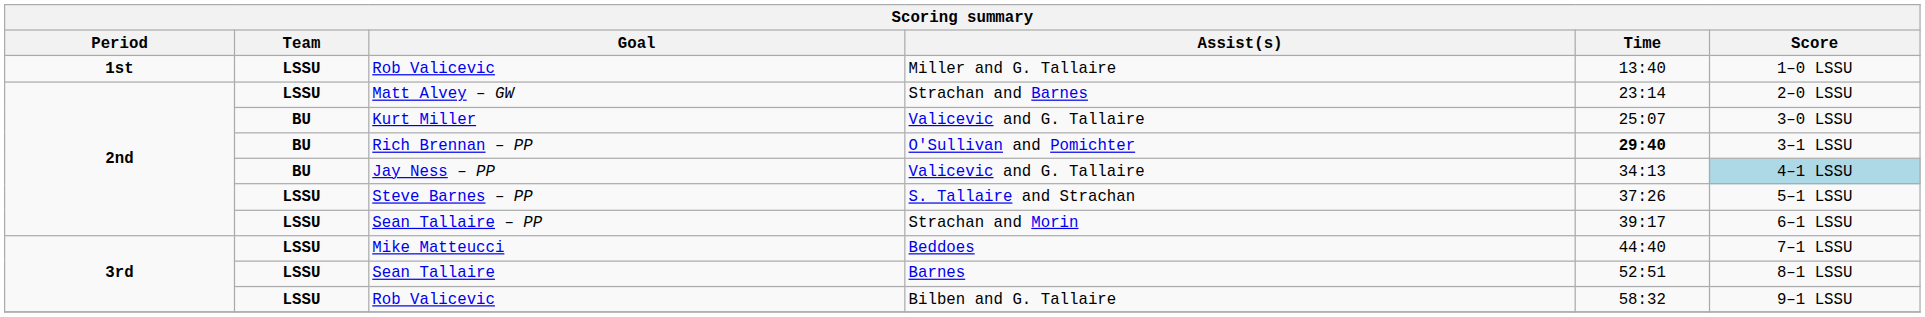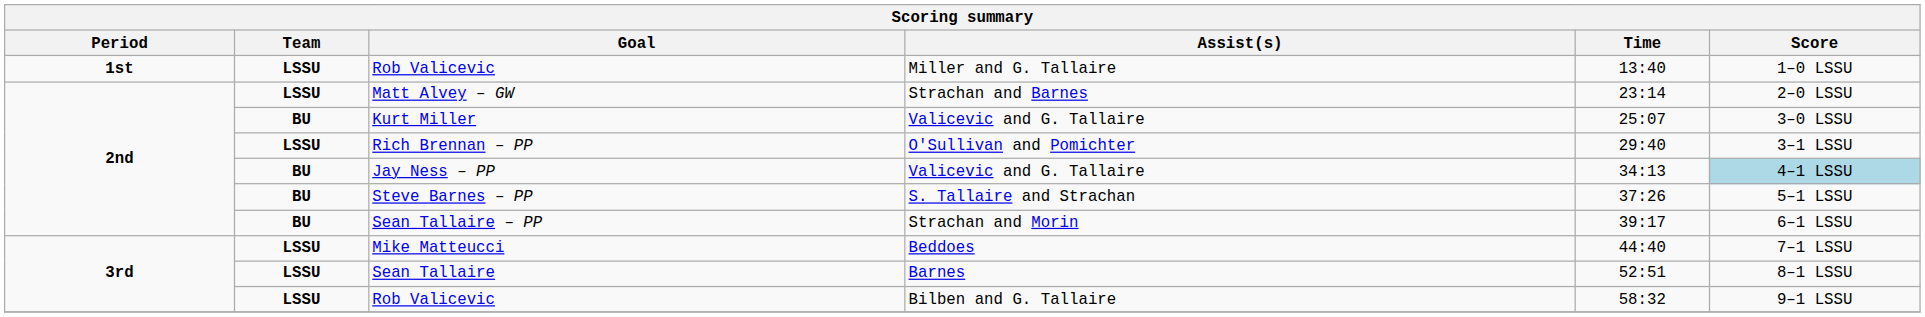 <table style="width:100%;" class="wikitable">
 <tr>
 <th colspan=6>Scoring summary</th>
 </tr>
 <tr>
 <th style="width:12%;">Period</th>
 <th style="width:7%;">Team</th>
 <th style="width:28%;">Goal</th>
 <th style="width:35%;">Assist(s)</th>
 <th style="width:7%;">Time</th>
 <th style="width:11%;">Score</th>
 </tr>
 <tr>
 <td style="text-align:center;" rowspan="1"><strong>1st</strong></td>
 <td align=center><strong>LSSU</strong></td>
 <td><a href='#'>Rob Valicevic</a></td>
 <td>Miller and G. Tallaire</td>
 <td align=center>13:40</td>
 <td align=center>1–0 LSSU</td>
 </tr>
 <tr>
 <td style="text-align:center;" rowspan="6"><strong>2nd</strong></td>
 <td align=center><strong>LSSU</strong></td>
 <td><a href='#'>Matt Alvey</a> – <em>GW</em></td>
 <td>Strachan and <a href='#'>Barnes</a></td>
 <td align=center>23:14</td>
 <td align=center>2–0 LSSU</td>
 </tr>
 <tr>
 <td align=center><strong>BU</strong></td>
 <td><a href='#'>Kurt Miller</a></td>
 <td><a href='#'>Valicevic</a> and G. Tallaire</td>
 <td align=center>25:07</td>
 <td align=center>3–0 LSSU</td>
 </tr>
 <tr>
-<td align=center><strong>BU</strong></td>
+<td align=center><strong>LSSU</strong></td>
 <td><a href='#'>Rich Brennan</a> – <em>PP</em></td>
 <td><a href='#'>O'Sullivan</a> and <a href='#'>Pomichter</a></td>
-<td align=center><strong>29:40</strong></td>
+<td align=center>29:40</td>
 <td align=center>3–1 LSSU</td>
 </tr>
 <tr>
 <td align=center><strong>BU</strong></td>
 <td><a href='#'>Jay Ness</a> – <em>PP</em></td>
 <td><a href='#'>Valicevic</a> and G. Tallaire</td>
 <td align=center>34:13</td>
 <td align=center style="background: lightblue;">4–1 LSSU</td>
 </tr>
 <tr>
-<td align=center><strong>LSSU</strong></td>
+<td align=center><strong>BU</strong></td>
 <td><a href='#'>Steve Barnes</a> – <em>PP</em></td>
 <td><a href='#'>S. Tallaire</a> and Strachan</td>
 <td align=center>37:26</td>
 <td align=center>5–1 LSSU</td>
 </tr>
 <tr>
-<td align=center><strong>LSSU</strong></td>
+<td align=center><strong>BU</strong></td>
 <td><a href='#'>Sean Tallaire</a> – <em>PP</em></td>
 <td>Strachan and <a href='#'>Morin</a></td>
 <td align=center>39:17</td>
 <td align=center>6–1 LSSU</td>
 </tr>
 <tr>
 <td style="text-align:center;" rowspan="3"><strong>3rd</strong></td>
 <td align=center><strong>LSSU</strong></td>
 <td><a href='#'>Mike Matteucci</a></td>
 <td><a href='#'>Beddoes</a></td>
 <td align=center>44:40</td>
 <td align=center>7–1 LSSU</td>
 </tr>
 <tr>
 <td align=center><strong>LSSU</strong></td>
 <td><a href='#'>Sean Tallaire</a></td>
 <td><a href='#'>Barnes</a></td>
 <td align=center>52:51</td>
 <td align=center>8–1 LSSU</td>
 </tr>
 <tr>
 <td align=center><strong>LSSU</strong></td>
 <td><a href='#'>Rob Valicevic</a></td>
 <td>Bilben and G. Tallaire</td>
 <td align=center>58:32</td>
 <td align=center>9–1 LSSU</td>
 </tr>
 <tr>
 </tr>
 </table>
